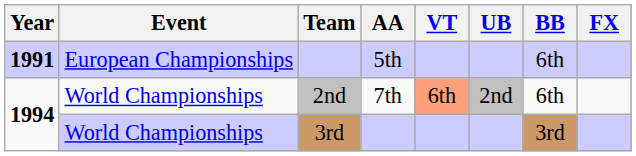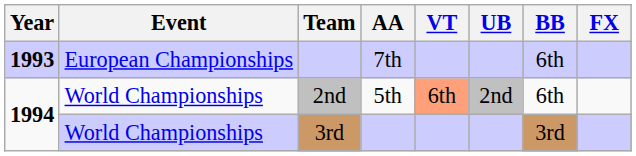 <table class="wikitable" style="text-align:center; font-size: 95%;">
 <tr>
 <th>Year</th>
 <th>Event</th>
 <th style="width:30px;">Team</th>
 <th style="width:30px;">AA</th>
 <th style="width:30px;"><a href='#'>VT</a></th>
 <th style="width:30px;"><a href='#'>UB</a></th>
 <th style="width:30px;"><a href='#'>BB</a></th>
 <th style="width:30px;"><a href='#'>FX</a></th>
 </tr>
 <tr bgcolor=#CCCCFF>
-<td rowspan="1"><strong>1991</strong></td>
+<td rowspan="1"><strong>1993</strong></td>
 <td align=left><a href='#'>European Championships</a></td>
 <td></td>
-<td>5th</td>
+<td>7th</td>
 <td></td>
 <td></td>
 <td>6th</td>
 <td></td>
 </tr>
 <tr>
 <td rowspan="2"><strong>1994</strong></td>
 <td align=left><a href='#'>World Championships</a></td>
 <td style="background:silver;">2nd</td>
-<td>7th</td>
+<td>5th</td>
 <td style="background: lightsalmon;">6th</td>
 <td style="background:silver;">2nd</td>
 <td>6th</td>
 <td></td>
 </tr>
 <tr bgcolor=#CCCCFF>
 <td align=left><a href='#'>World Championships</a></td>
 <td style="background:#c96;">3rd</td>
 <td></td>
 <td></td>
 <td></td>
 <td style="background:#c96;">3rd</td>
 <td></td>
 </tr>
 </table>
